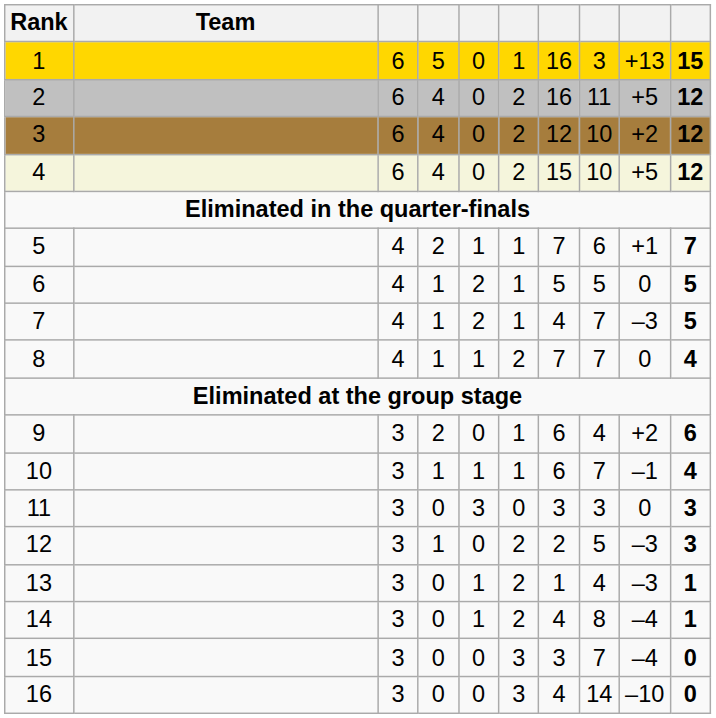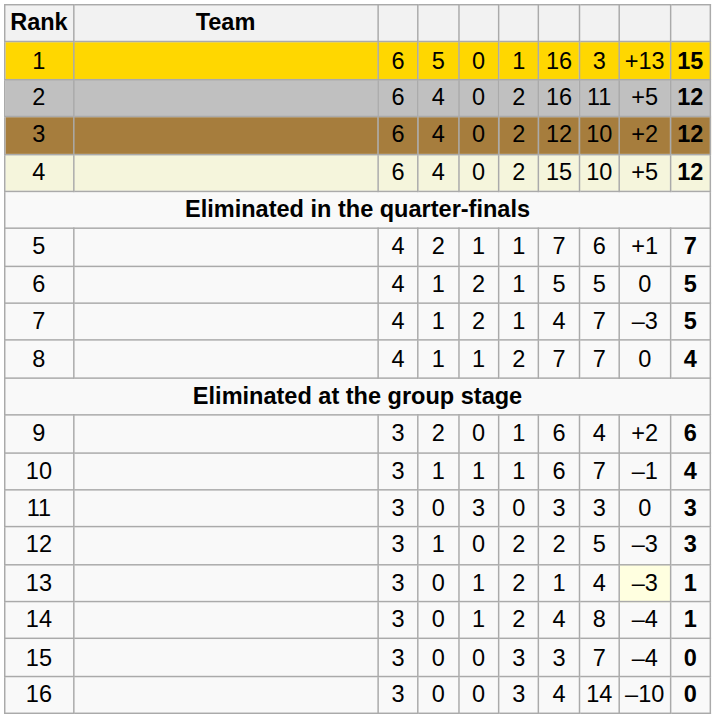 <table class="wikitable" style="text-align:center">
 <tr>
 <th width=20>Rank</th>
 <th width=200>Team</th>
 <th width="20"></th>
 <th width="20"></th>
 <th width="20"></th>
 <th width="20"></th>
 <th width="20"></th>
 <th width="20"></th>
 <th width="20"></th>
 <th width="20"></th>
 </tr>
 <tr style="background:gold;">
 <td>1</td>
 <td style="text-align:left;"></td>
 <td>6</td>
 <td>5</td>
 <td>0</td>
 <td>1</td>
 <td>16</td>
 <td>3</td>
 <td>+13</td>
 <td><strong>15</strong></td>
 </tr>
 <tr style="background:silver;">
 <td>2</td>
 <td style="text-align:left;"></td>
 <td>6</td>
 <td>4</td>
 <td>0</td>
 <td>2</td>
 <td>16</td>
 <td>11</td>
 <td>+5</td>
 <td><strong>12</strong></td>
 </tr>
 <tr style="background:#a67d3d;">
 <td>3</td>
 <td style="text-align:left;"></td>
 <td>6</td>
 <td>4</td>
 <td>0</td>
 <td>2</td>
 <td>12</td>
 <td>10</td>
 <td>+2</td>
 <td><strong>12</strong></td>
 </tr>
 <tr style="background:beige;">
 <td>4</td>
 <td style="text-align:left;"></td>
 <td>6</td>
 <td>4</td>
 <td>0</td>
 <td>2</td>
 <td>15</td>
 <td>10</td>
 <td>+5</td>
 <td><strong>12</strong></td>
 </tr>
 <tr>
 <td colspan="11"><strong>Eliminated in the quarter-finals</strong></td>
 </tr>
 <tr>
 <td>5</td>
 <td style="text-align:left;"></td>
 <td>4</td>
 <td>2</td>
 <td>1</td>
 <td>1</td>
 <td>7</td>
 <td>6</td>
 <td>+1</td>
 <td><strong>7</strong></td>
 </tr>
 <tr>
 <td>6</td>
 <td style="text-align:left;"></td>
 <td>4</td>
 <td>1</td>
 <td>2</td>
 <td>1</td>
 <td>5</td>
 <td>5</td>
 <td>0</td>
 <td><strong>5</strong></td>
 </tr>
 <tr>
 <td>7</td>
 <td style="text-align:left;"></td>
 <td>4</td>
 <td>1</td>
 <td>2</td>
 <td>1</td>
 <td>4</td>
 <td>7</td>
 <td>–3</td>
 <td><strong>5</strong></td>
 </tr>
 <tr>
 <td>8</td>
 <td style="text-align:left;"></td>
 <td>4</td>
 <td>1</td>
 <td>1</td>
 <td>2</td>
 <td>7</td>
 <td>7</td>
 <td>0</td>
 <td><strong>4</strong></td>
 </tr>
 <tr>
 <td colspan="11"><strong>Eliminated at the group stage</strong></td>
 </tr>
 <tr>
 <td>9</td>
 <td style="text-align:left;"></td>
 <td>3</td>
 <td>2</td>
 <td>0</td>
 <td>1</td>
 <td>6</td>
 <td>4</td>
 <td>+2</td>
 <td><strong>6</strong></td>
 </tr>
 <tr>
 <td>10</td>
 <td style="text-align:left;"></td>
 <td>3</td>
 <td>1</td>
 <td>1</td>
 <td>1</td>
 <td>6</td>
 <td>7</td>
 <td>–1</td>
 <td><strong>4</strong></td>
 </tr>
 <tr>
 <td>11</td>
 <td style="text-align:left;"></td>
 <td>3</td>
 <td>0</td>
 <td>3</td>
 <td>0</td>
 <td>3</td>
 <td>3</td>
 <td>0</td>
 <td><strong>3</strong></td>
 </tr>
 <tr>
 <td>12</td>
 <td style="text-align:left;"></td>
 <td>3</td>
 <td>1</td>
 <td>0</td>
 <td>2</td>
 <td>2</td>
 <td>5</td>
 <td>–3</td>
 <td><strong>3</strong></td>
 </tr>
 <tr>
 <td>13</td>
 <td style="text-align:left;"></td>
 <td>3</td>
 <td>0</td>
 <td>1</td>
 <td>2</td>
 <td>1</td>
 <td>4</td>
-<td>–3</td>
+<td style="background: lightyellow;">–3</td>
 <td><strong>1</strong></td>
 </tr>
 <tr>
 <td>14</td>
 <td style="text-align:left;"></td>
 <td>3</td>
 <td>0</td>
 <td>1</td>
 <td>2</td>
 <td>4</td>
 <td>8</td>
 <td>–4</td>
 <td><strong>1</strong></td>
 </tr>
 <tr>
 <td>15</td>
 <td style="text-align:left;"></td>
 <td>3</td>
 <td>0</td>
 <td>0</td>
 <td>3</td>
 <td>3</td>
 <td>7</td>
 <td>–4</td>
 <td><strong>0</strong></td>
 </tr>
 <tr>
 <td>16</td>
 <td style="text-align:left;"></td>
 <td>3</td>
 <td>0</td>
 <td>0</td>
 <td>3</td>
 <td>4</td>
 <td>14</td>
 <td>–10</td>
 <td><strong>0</strong></td>
 </tr>
 </table>
